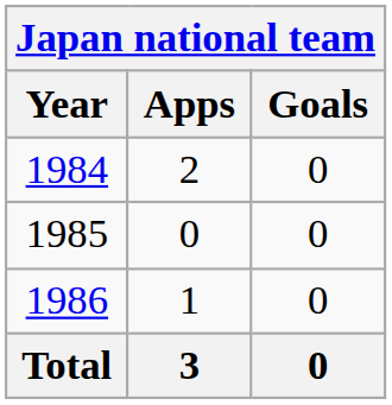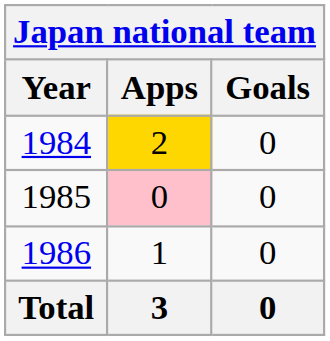 <table class="wikitable" style="text-align:center">
 <tr>
 <th colspan=3><a href='#'>Japan national team</a></th>
 </tr>
 <tr>
 <th>Year</th>
 <th>Apps</th>
 <th>Goals</th>
 </tr>
 <tr>
 <td><a href='#'>1984</a></td>
-<td>2</td>
+<td style="background: gold;">2</td>
 <td>0</td>
 </tr>
 <tr>
 <td>1985</td>
-<td>0</td>
+<td style="background: pink;">0</td>
 <td>0</td>
 </tr>
 <tr>
 <td><a href='#'>1986</a></td>
 <td>1</td>
 <td>0</td>
 </tr>
 <tr>
 <th>Total</th>
 <th>3</th>
 <th>0</th>
 </tr>
 </table>
